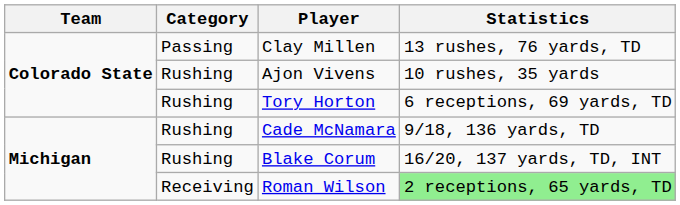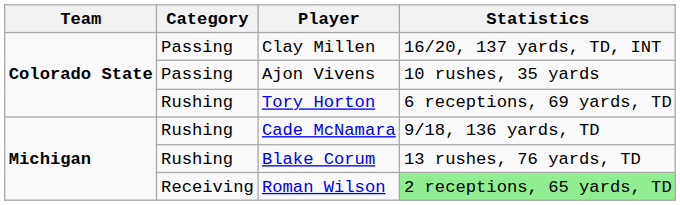 <table class="wikitable" style="float: left;">
 <tr>
 <th>Team</th>
 <th>Category</th>
 <th>Player</th>
 <th>Statistics</th>
 </tr>
 <tr>
 <td rowspan=3><strong>Colorado State</strong></td>
 <td>Passing</td>
 <td>Clay Millen</td>
-<td>13 rushes, 76 yards, TD</td>
+<td>16/20, 137 yards, TD, INT</td>
 </tr>
 <tr>
-<td>Rushing</td>
+<td>Passing</td>
 <td>Ajon Vivens</td>
 <td>10 rushes, 35 yards</td>
 </tr>
 <tr>
 <td>Rushing</td>
 <td><a href='#'>Tory Horton</a></td>
 <td>6 receptions, 69 yards, TD</td>
 </tr>
 <tr>
 <td rowspan=3><strong>Michigan</strong></td>
 <td>Rushing</td>
 <td><a href='#'>Cade McNamara</a></td>
 <td>9/18, 136 yards, TD</td>
 </tr>
 <tr>
 <td>Rushing</td>
 <td><a href='#'>Blake Corum</a></td>
-<td>16/20, 137 yards, TD, INT</td>
+<td>13 rushes, 76 yards, TD</td>
 </tr>
 <tr>
 <td>Receiving</td>
 <td><a href='#'>Roman Wilson</a></td>
 <td style="background: lightgreen;">2 receptions, 65 yards, TD</td>
 </tr>
 </table>
